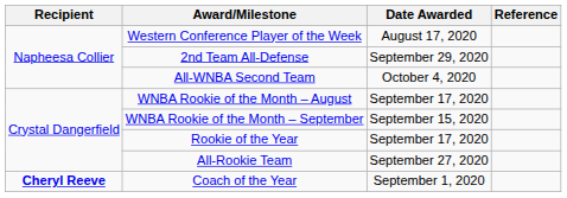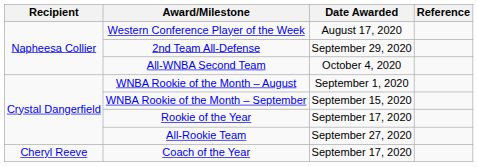 <table class="wikitable sortable sortable" style="text-align: center">
 <tr>
 <th>Recipient</th>
 <th>Award/Milestone</th>
 <th>Date Awarded</th>
 <th>Reference</th>
 </tr>
 <tr>
 <td rowspan=3><a href='#'>Napheesa Collier</a></td>
 <td><a href='#'>Western Conference Player of the Week</a></td>
 <td>August 17, 2020</td>
 <td></td>
 </tr>
 <tr>
 <td><a href='#'>2nd Team All-Defense</a></td>
 <td>September 29, 2020</td>
 <td></td>
 </tr>
 <tr>
 <td><a href='#'>All-WNBA Second Team</a></td>
 <td>October 4, 2020</td>
 <td></td>
 </tr>
 <tr>
 <td rowspan=4><a href='#'>Crystal Dangerfield</a></td>
 <td><a href='#'>WNBA Rookie of the Month – August</a></td>
-<td>September 17, 2020</td>
+<td>September 1, 2020</td>
 <td></td>
 </tr>
 <tr>
 <td><a href='#'>WNBA Rookie of the Month – September</a></td>
 <td>September 15, 2020</td>
 <td></td>
 </tr>
 <tr>
 <td><a href='#'>Rookie of the Year</a></td>
 <td>September 17, 2020</td>
 <td></td>
 </tr>
 <tr>
 <td><a href='#'>All-Rookie Team</a></td>
 <td>September 27, 2020</td>
 <td></td>
 </tr>
 <tr>
-<td><strong><a href='#'>Cheryl Reeve</a></strong></td>
+<td><a href='#'>Cheryl Reeve</a></td>
 <td><a href='#'>Coach of the Year</a></td>
-<td>September 1, 2020</td>
+<td>September 17, 2020</td>
 <td></td>
 </tr>
 </table>
